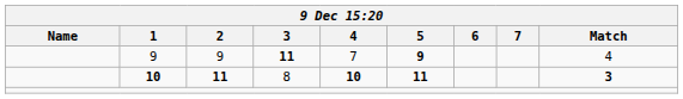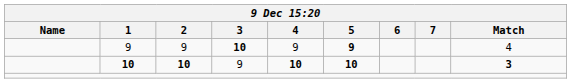 <table class=wikitable style="text-align:center; width: 55%">
 <tr>
 <th colspan=17><em> 9 Dec 15:20</em></th>
 </tr>
 <tr>
 <th>Name</th>
 <th>1</th>
 <th>2</th>
 <th>3</th>
 <th>4</th>
 <th>5</th>
 <th>6</th>
 <th>7</th>
 <th>Match</th>
 </tr>
 <tr>
 <td style="text-align:left;"></td>
 <td>9</td>
 <td>9</td>
-<td><strong>11</strong></td>
-<td>7</td>
+<td><strong>10</strong></td>
+<td>9</td>
 <td><strong>9</strong></td>
 <td></td>
 <td></td>
 <td>4</td>
 </tr>
 <tr>
 <td style="text-align:left;"><strong></strong></td>
 <td><strong>10</strong></td>
-<td><strong>11</strong></td>
-<td>8</td>
 <td><strong>10</strong></td>
-<td><strong>11</strong></td>
+<td>9</td>
+<td><strong>10</strong></td>
+<td><strong>10</strong></td>
 <td></td>
 <td></td>
 <td><strong>3</strong></td>
 </tr>
 <tr>
 <td colspan=17></td>
 </tr>
 </table>
